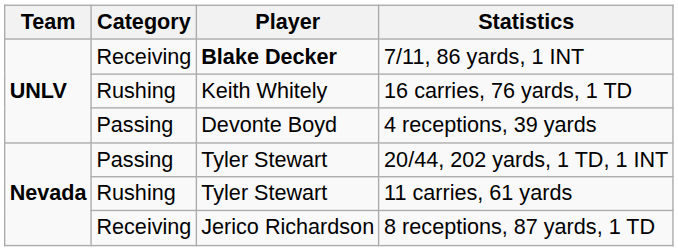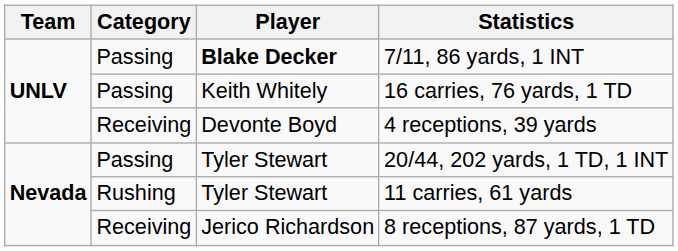 <table class="wikitable" style="float: left;">
 <tr>
 <th>Team</th>
 <th>Category</th>
 <th>Player</th>
 <th>Statistics</th>
 </tr>
 <tr>
 <td rowspan=3><strong>UNLV</strong></td>
-<td>Receiving</td>
+<td>Passing</td>
 <td><strong>Blake Decker</strong></td>
 <td>7/11, 86 yards, 1 INT</td>
 </tr>
 <tr>
-<td>Rushing</td>
+<td>Passing</td>
 <td>Keith Whitely</td>
 <td>16 carries, 76 yards, 1 TD</td>
 </tr>
 <tr>
-<td>Passing</td>
+<td>Receiving</td>
 <td>Devonte Boyd</td>
 <td>4 receptions, 39 yards</td>
 </tr>
 <tr>
 <td rowspan=3><strong>Nevada</strong></td>
 <td>Passing</td>
 <td>Tyler Stewart</td>
 <td>20/44, 202 yards, 1 TD, 1 INT</td>
 </tr>
 <tr>
 <td>Rushing</td>
 <td>Tyler Stewart</td>
 <td>11 carries, 61 yards</td>
 </tr>
 <tr>
 <td>Receiving</td>
 <td>Jerico Richardson</td>
 <td>8 receptions, 87 yards, 1 TD</td>
 </tr>
 </table>
